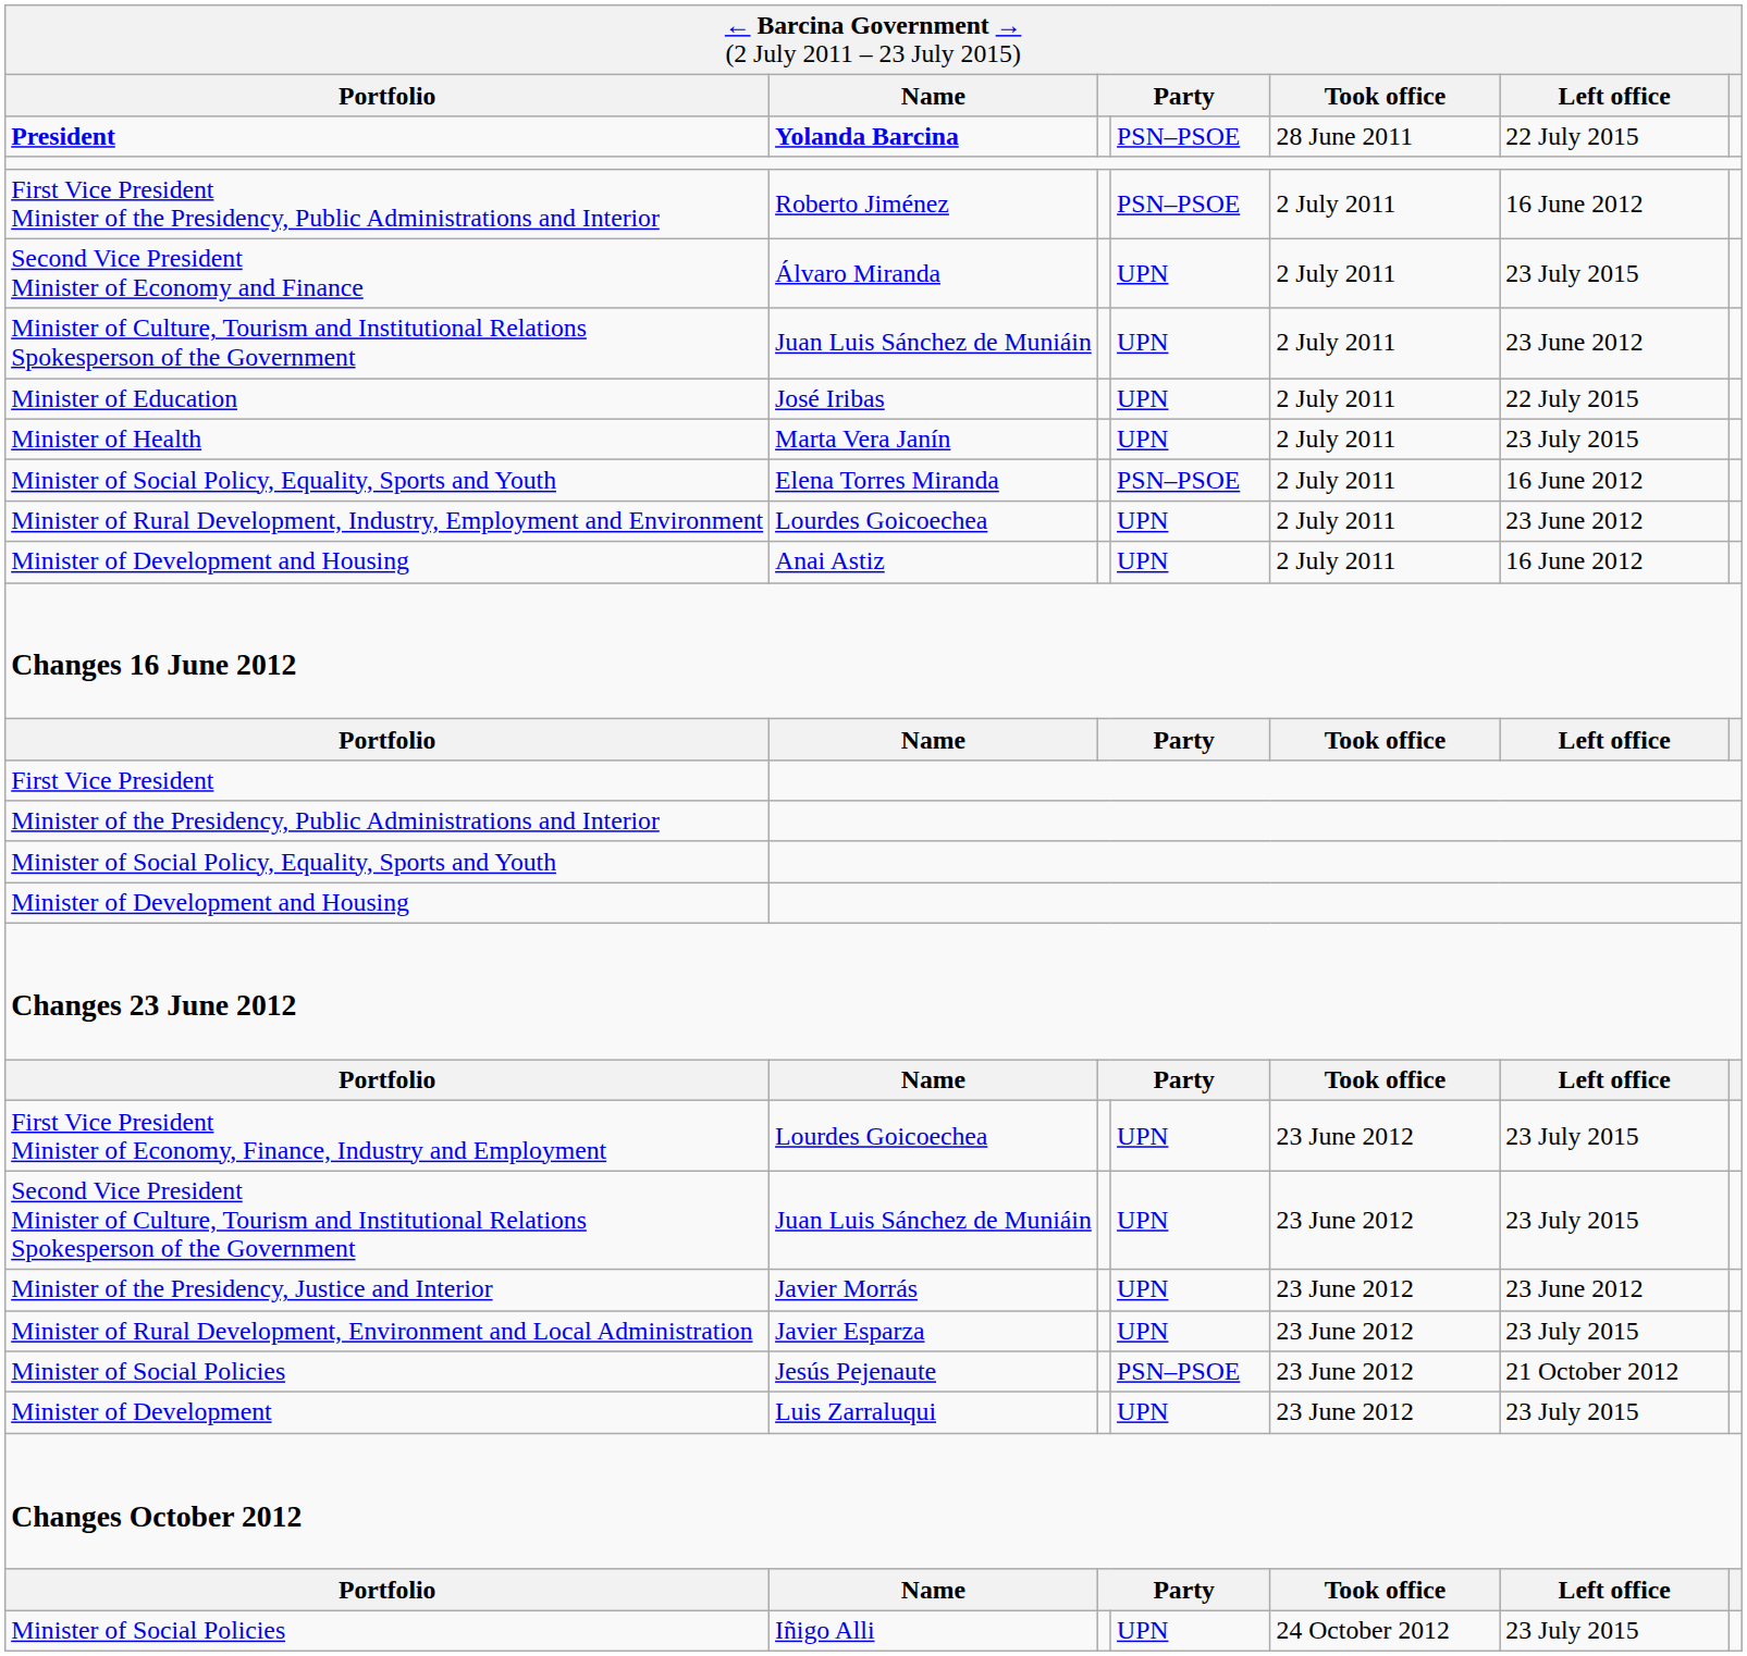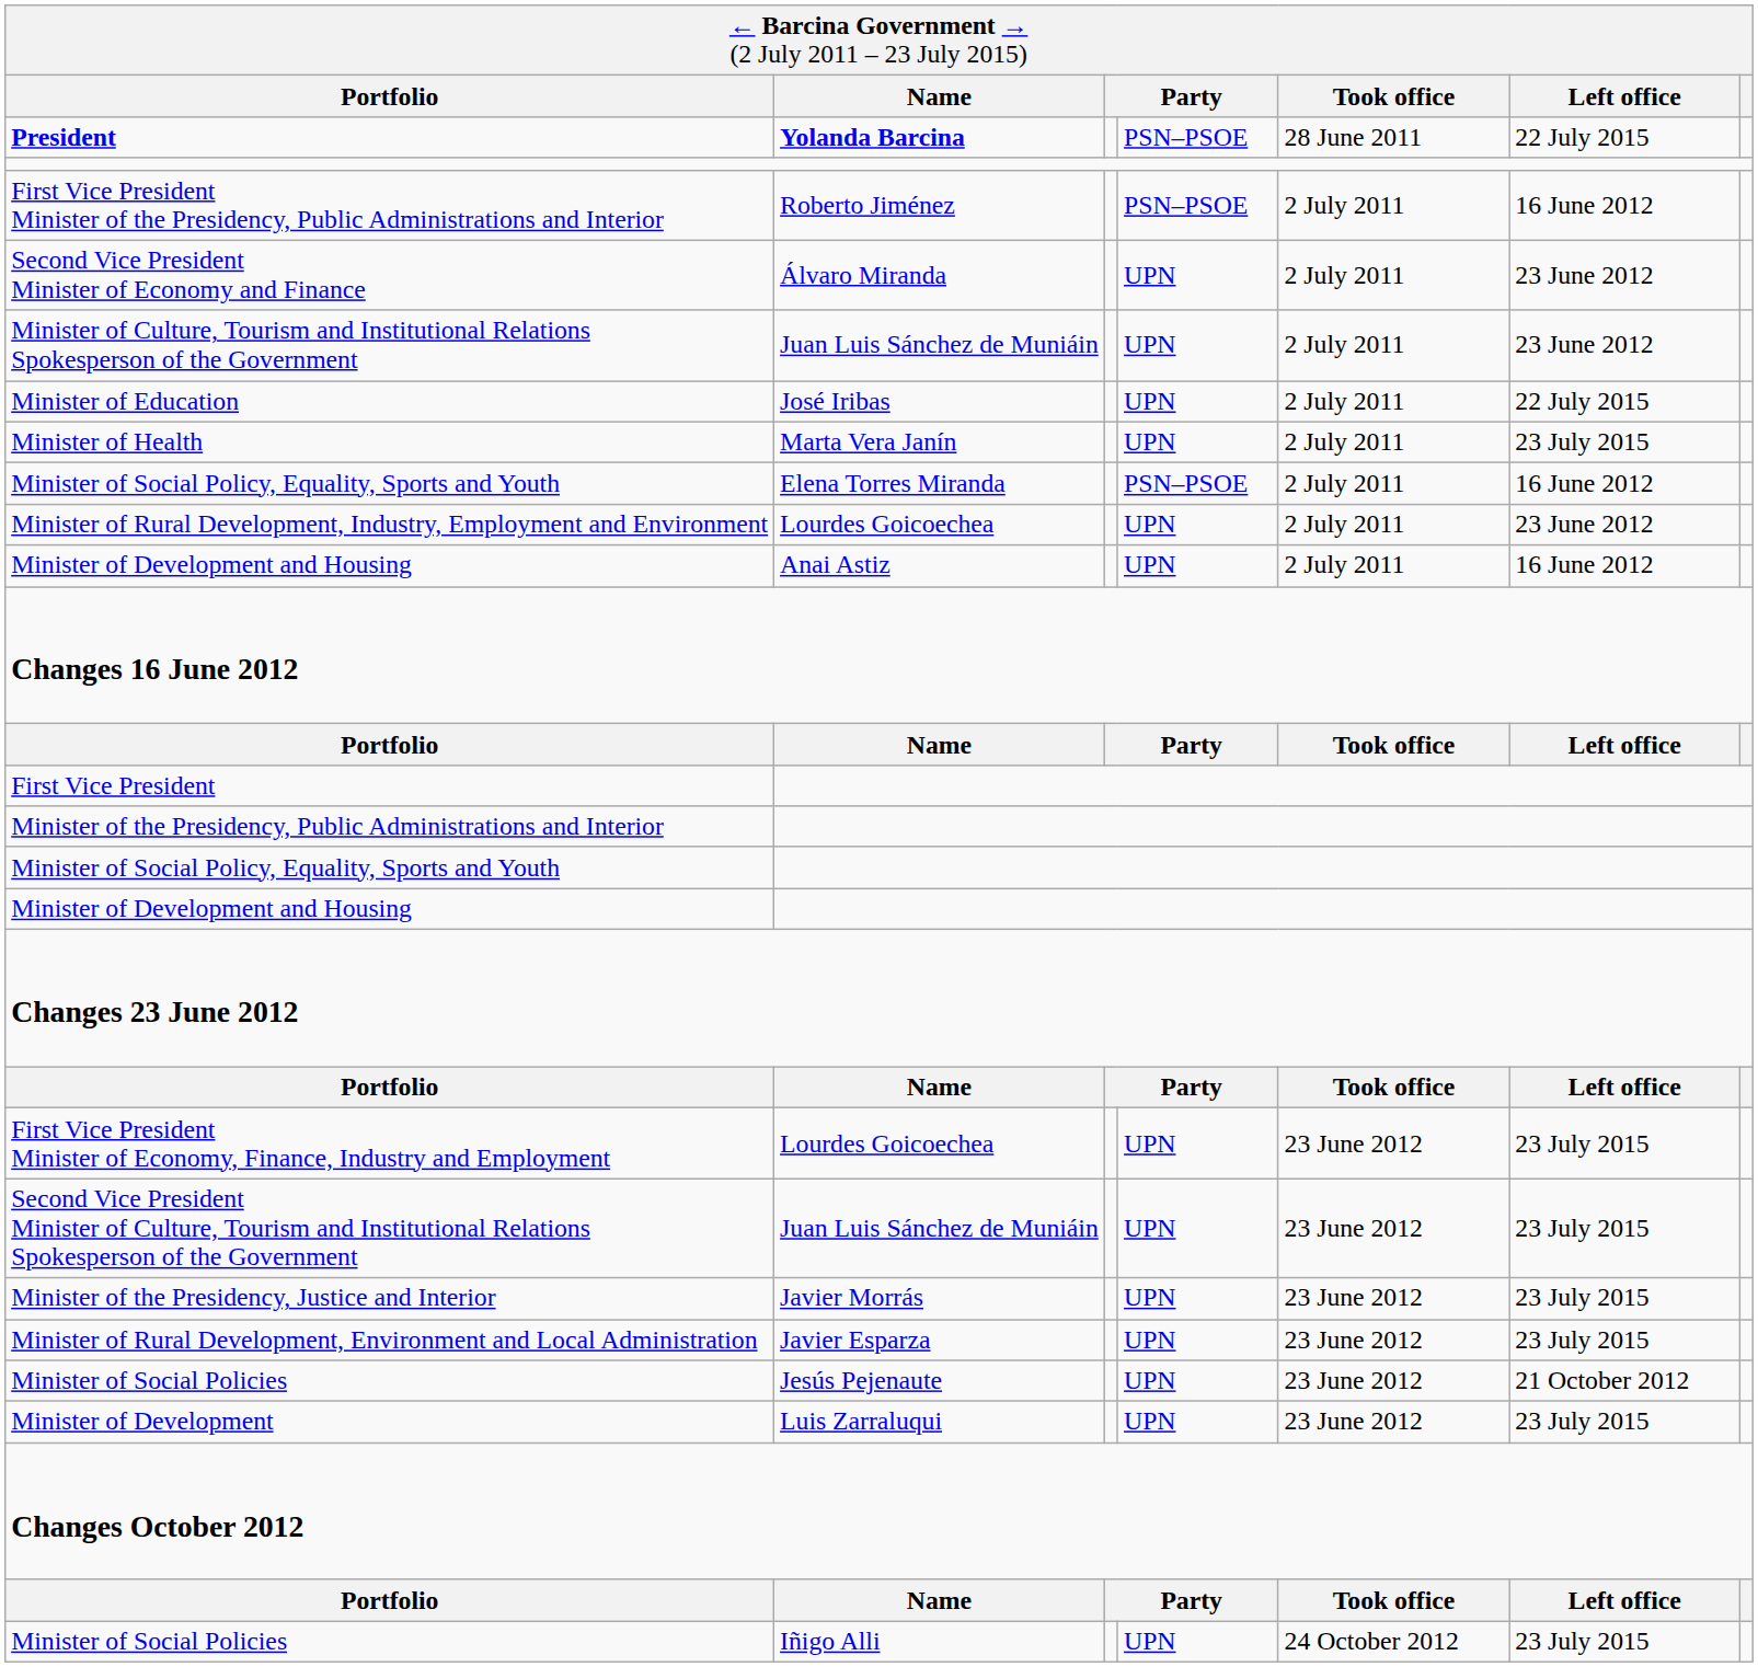 <table class="wikitable">
 <tr>
 <td colspan="7" bgcolor="#F2F2F2" align="center"><a href='#'>←</a> <strong>Barcina Government</strong> <a href='#'>→</a><br>(2 July 2011 – 23 July 2015)</td>
 </tr>
 <tr>
 <th>Portfolio</th>
 <th>Name</th>
 <th width="100px" colspan="2">Party</th>
 <th width="135px">Took office</th>
 <th width="135px">Left office</th>
 <th></th>
 </tr>
 <tr>
 <td><strong><a href='#'>President</a></strong></td>
 <td><strong><a href='#'>Yolanda Barcina</a></strong></td>
 <td width="1" style="color:inherit;background:"></td>
 <td><a href='#'>PSN–PSOE</a></td>
 <td>28 June 2011</td>
 <td>22 July 2015</td>
 <td align="center"></td>
 </tr>
 <tr>
 <td colspan="7"></td>
 </tr>
 <tr>
 <td><a href='#'>First Vice President</a><br><a href='#'>Minister of the Presidency, Public Administrations and Interior</a></td>
 <td><a href='#'>Roberto Jiménez</a></td>
 <td style="color:inherit;background:"></td>
 <td><a href='#'>PSN–PSOE</a></td>
 <td>2 July 2011</td>
 <td>16 June 2012</td>
 <td align="center"><br></td>
 </tr>
 <tr>
 <td><a href='#'>Second Vice President</a><br><a href='#'>Minister of Economy and Finance</a></td>
 <td><a href='#'>Álvaro Miranda</a></td>
 <td style="color:inherit;background:"></td>
 <td><a href='#'>UPN</a></td>
 <td>2 July 2011</td>
-<td>23 July 2015</td>
+<td>23 June 2012</td>
 <td align="center"><br></td>
 </tr>
 <tr>
 <td><a href='#'>Minister of Culture, Tourism and Institutional Relations</a><br><a href='#'>Spokesperson of the Government</a></td>
 <td><a href='#'>Juan Luis Sánchez de Muniáin</a></td>
 <td style="color:inherit;background:"></td>
 <td><a href='#'>UPN</a></td>
 <td>2 July 2011</td>
 <td>23 June 2012</td>
 <td align="center"><br></td>
 </tr>
 <tr>
 <td><a href='#'>Minister of Education</a></td>
 <td><a href='#'>José Iribas</a></td>
 <td style="color:inherit;background:"></td>
 <td><a href='#'>UPN</a></td>
 <td>2 July 2011</td>
 <td>22 July 2015</td>
 <td align="center"></td>
 </tr>
 <tr>
 <td><a href='#'>Minister of Health</a></td>
 <td><a href='#'>Marta Vera Janín</a></td>
 <td style="color:inherit;background:"></td>
 <td><a href='#'>UPN</a> </td>
 <td>2 July 2011</td>
 <td>23 July 2015</td>
 <td align="center"></td>
 </tr>
 <tr>
 <td><a href='#'>Minister of Social Policy, Equality, Sports and Youth</a></td>
 <td><a href='#'>Elena Torres Miranda</a></td>
 <td style="color:inherit;background:"></td>
 <td><a href='#'>PSN–PSOE</a></td>
 <td>2 July 2011</td>
 <td>16 June 2012</td>
 <td align="center"></td>
 </tr>
 <tr>
 <td><a href='#'>Minister of Rural Development, Industry, Employment and Environment</a></td>
 <td><a href='#'>Lourdes Goicoechea</a></td>
 <td style="color:inherit;background:"></td>
 <td><a href='#'>UPN</a></td>
 <td>2 July 2011</td>
 <td>23 June 2012</td>
 <td align="center"></td>
 </tr>
 <tr>
 <td><a href='#'>Minister of Development and Housing</a></td>
 <td><a href='#'>Anai Astiz</a></td>
 <td style="color:inherit;background:"></td>
 <td><a href='#'>UPN</a></td>
 <td>2 July 2011</td>
 <td>16 June 2012</td>
 <td align="center"></td>
 </tr>
 <tr>
 <td colspan="7"><br><h3>Changes 16 June 2012</h3></td>
 </tr>
 <tr>
 <th>Portfolio</th>
 <th>Name</th>
 <th colspan="2">Party</th>
 <th>Took office</th>
 <th>Left office</th>
 <th></th>
 </tr>
 <tr>
 <td><a href='#'>First Vice President</a></td>
 <td colspan="6"></td>
 </tr>
 <tr>
 <td><a href='#'>Minister of the Presidency, Public Administrations and Interior</a></td>
 <td colspan="6"></td>
 </tr>
 <tr>
 <td><a href='#'>Minister of Social Policy, Equality, Sports and Youth</a></td>
 <td colspan="6"></td>
 </tr>
 <tr>
 <td><a href='#'>Minister of Development and Housing</a></td>
 <td colspan="6"></td>
 </tr>
 <tr>
 <td colspan="7"><br><h3>Changes 23 June 2012</h3></td>
 </tr>
 <tr>
 <th>Portfolio</th>
 <th>Name</th>
 <th colspan="2">Party</th>
 <th>Took office</th>
 <th>Left office</th>
 <th></th>
 </tr>
 <tr>
 <td><a href='#'>First Vice President</a><br><a href='#'>Minister of Economy, Finance, Industry and Employment</a></td>
 <td><a href='#'>Lourdes Goicoechea</a></td>
 <td style="color:inherit;background:"></td>
 <td><a href='#'>UPN</a></td>
 <td>23 June 2012</td>
 <td>23 July 2015</td>
 <td align="center"><br></td>
 </tr>
 <tr>
 <td><a href='#'>Second Vice President</a><br><a href='#'>Minister of Culture, Tourism and Institutional Relations</a><br><a href='#'>Spokesperson of the Government</a></td>
 <td><a href='#'>Juan Luis Sánchez de Muniáin</a></td>
 <td style="color:inherit;background:"></td>
 <td><a href='#'>UPN</a></td>
 <td>23 June 2012</td>
 <td>23 July 2015</td>
 <td align="center"></td>
 </tr>
 <tr>
 <td><a href='#'>Minister of the Presidency, Justice and Interior</a></td>
 <td><a href='#'>Javier Morrás</a></td>
 <td style="color:inherit;background:"></td>
 <td><a href='#'>UPN</a></td>
 <td>23 June 2012</td>
-<td>23 June 2012</td>
+<td>23 July 2015</td>
 <td align="center"></td>
 </tr>
 <tr>
 <td><a href='#'>Minister of Rural Development, Environment and Local Administration</a></td>
 <td><a href='#'>Javier Esparza</a></td>
 <td style="color:inherit;background:"></td>
 <td><a href='#'>UPN</a></td>
 <td>23 June 2012</td>
 <td>23 July 2015</td>
 <td align="center"></td>
 </tr>
 <tr>
 <td><a href='#'>Minister of Social Policies</a></td>
 <td><a href='#'>Jesús Pejenaute</a></td>
 <td style="color:inherit;background:"></td>
-<td><a href='#'>PSN–PSOE</a></td>
+<td><a href='#'>UPN</a></td>
 <td>23 June 2012</td>
 <td>21 October 2012</td>
 <td align="center"></td>
 </tr>
 <tr>
 <td><a href='#'>Minister of Development</a></td>
 <td><a href='#'>Luis Zarraluqui</a></td>
 <td style="color:inherit;background:"></td>
 <td><a href='#'>UPN</a> </td>
 <td>23 June 2012</td>
 <td>23 July 2015</td>
 <td align="center"></td>
 </tr>
 <tr>
 <td colspan="7"><br><h3>Changes October 2012</h3></td>
 </tr>
 <tr>
 <th>Portfolio</th>
 <th>Name</th>
 <th colspan="2">Party</th>
 <th>Took office</th>
 <th>Left office</th>
 <th></th>
 </tr>
 <tr>
 <td><a href='#'>Minister of Social Policies</a></td>
 <td><a href='#'>Iñigo Alli</a></td>
 <td style="color:inherit;background:"></td>
 <td><a href='#'>UPN</a></td>
 <td>24 October 2012</td>
 <td>23 July 2015</td>
 <td align="center"></td>
 </tr>
 </table>
